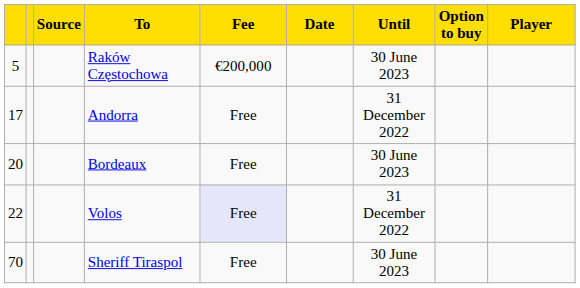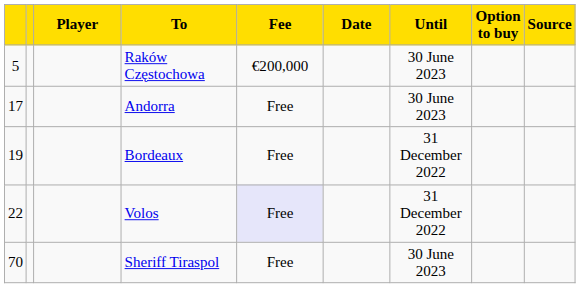 <table class="wikitable sortable">
 <tr>
 <th style="background:#FFDE00"></th>
 <th style="background:#FFDE00"></th>
-<th style="background:#FFDE00">Source</th>
+<th width=200 style="background:#FFDE00">Player</th>
 <th width=200 style="background:#FFDE00">To</th>
 <th width=150 style="background:#FFDE00">Fee</th>
 <th width=150 style="background:#FFDE00">Date</th>
 <th width=120 style="background:#FFDE00">Until</th>
 <th style="background:#FFDE00">Option to buy</th>
-<th width=200 style="background:#FFDE00">Player</th>
+<th style="background:#FFDE00">Source</th>
 </tr>
 <tr>
 <td align=center>5</td>
 <td align=center></td>
-<td align=center></td>
+<td></td>
 <td> <a href='#'>Raków Częstochowa</a></td>
 <td align=center>€200,000</td>
 <td align=center></td>
 <td align=center>30 June 2023</td>
 <td align=center></td>
-<td></td>
+<td align=center></td>
 </tr>
 <tr>
 <td align=center>17</td>
 <td align=center></td>
+<td></td>
+<td> <a href='#'>Andorra</a></td>
+<td align=center>Free</td>
 <td align=center></td>
-<td> <a href='#'>Andorra</a></td>
+<td align=center>30 June 2023</td>
+<td align=center></td>
+<td align=center></td>
+</tr>
+<tr>
+<td align=center>19</td>
+<td align=center></td>
+<td></td>
+<td> <a href='#'>Bordeaux</a></td>
 <td align=center>Free</td>
 <td align=center></td>
 <td align=center>31 December 2022</td>
 <td align=center></td>
-<td></td>
-</tr>
-<tr>
-<td align=center>20</td>
 <td align=center></td>
-<td align=center></td>
-<td> <a href='#'>Bordeaux</a></td>
-<td align=center>Free</td>
-<td align=center></td>
-<td align=center>30 June 2023</td>
-<td align=center></td>
-<td></td>
 </tr>
 <tr>
 <td align=center>22</td>
 <td align=center></td>
-<td align=center></td>
+<td></td>
 <td> <a href='#'>Volos</a></td>
 <td align=center style="background: lavender;">Free</td>
 <td align=center></td>
 <td align=center>31 December 2022</td>
 <td align=center></td>
-<td></td>
+<td align=center></td>
 </tr>
 <tr>
 <td align=center>70</td>
 <td align=center></td>
-<td align=center></td>
+<td></td>
 <td> <a href='#'>Sheriff Tiraspol</a></td>
 <td align=center>Free</td>
 <td align=center></td>
 <td align=center>30 June 2023</td>
 <td align=center></td>
-<td></td>
+<td align=center></td>
 </tr>
 </table>
